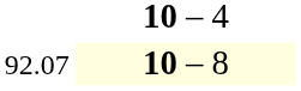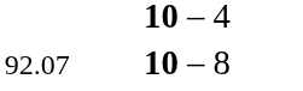 <table style="text-align:center">
 <tr>
 <th width=223></th>
 <th width=100></th>
 <th width=223></th>
 </tr>
 <tr>
 <td align=right></td>
 <td><strong>10</strong> – 4</td>
 <td align=left></td>
 </tr>
 <tr>
 <td align=right><small>92.07</small> </td>
-<td style="background: lightyellow;"><strong>10</strong> – 8</td>
+<td><strong>10</strong> – 8</td>
 <td align=left></td>
 </tr>
 </table>
